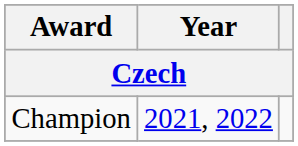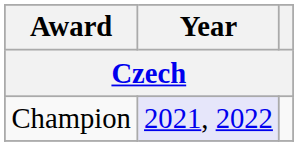 <table class="wikitable">
 <tr>
 <th>Award</th>
 <th>Year</th>
 <th></th>
 </tr>
 <tr>
 <th colspan="3"><a href='#'>Czech</a></th>
 </tr>
 <tr>
 <td>Champion</td>
-<td><a href='#'>2021</a>, <a href='#'>2022</a></td>
+<td style="background: lavender;"><a href='#'>2021</a>, <a href='#'>2022</a></td>
 <td></td>
 </tr>
 </table>
